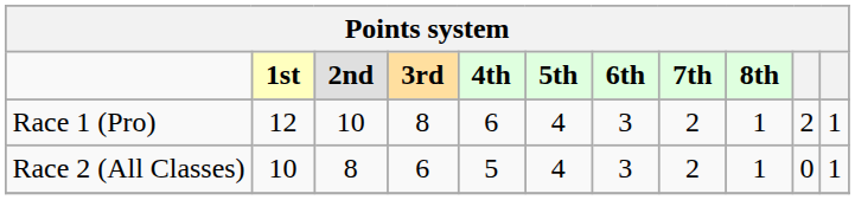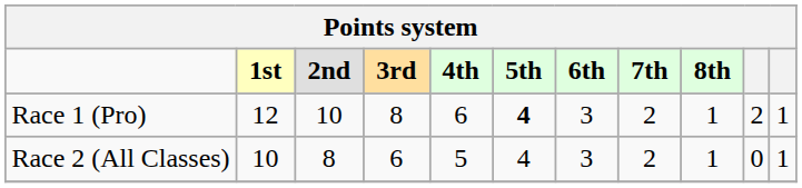 <table class="wikitable" style="font-size:85%; text-align:center">
 <tr>
 <th colspan="20">Points system</th>
 </tr>
 <tr>
 <td></td>
 <td style="background:#ffffbf;"> <strong>1st</strong> </td>
 <td style="background:#dfdfdf;"> <strong>2nd</strong> </td>
 <td style="background:#ffdf9f;"> <strong>3rd</strong> </td>
 <td style="background:#dfffdf;"> <strong>4th</strong> </td>
 <td style="background:#dfffdf;"> <strong>5th</strong> </td>
 <td style="background:#dfffdf;"> <strong>6th</strong> </td>
 <td style="background:#dfffdf;"> <strong>7th</strong> </td>
 <td style="background:#dfffdf;"> <strong>8th</strong> </td>
 <th></th>
 <th></th>
 </tr>
 <tr>
 <td align="left">Race 1 (Pro)</td>
 <td>12</td>
 <td>10</td>
 <td>8</td>
 <td>6</td>
-<td>4</td>
+<td><strong>4</strong></td>
 <td>3</td>
 <td>2</td>
 <td>1</td>
 <td>2</td>
 <td>1</td>
 </tr>
 <tr>
 <td align="left">Race 2 (All Classes)</td>
 <td>10</td>
 <td>8</td>
 <td>6</td>
 <td>5</td>
 <td>4</td>
 <td>3</td>
 <td>2</td>
 <td>1</td>
 <td>0</td>
 <td>1</td>
 </tr>
 <tr>
 </tr>
 </table>
